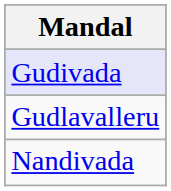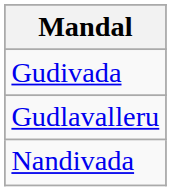 <table class="wikitable sortable static-row-numbers static-row-header-hash">
 <tr>
 <th>Mandal</th>
 </tr>
 <tr>
-<td style="background: lavender;"><a href='#'>Gudivada</a></td>
+<td><a href='#'>Gudivada</a></td>
 </tr>
 <tr>
 <td><a href='#'>Gudlavalleru</a></td>
 </tr>
 <tr>
 <td><a href='#'>Nandivada</a></td>
 </tr>
 </table>
